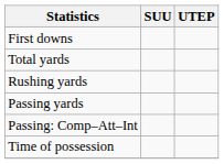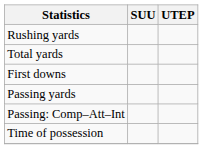 <table class="wikitable" style="float: left;">
 <tr>
 <th>Statistics</th>
 <th>SUU</th>
 <th>UTEP</th>
 </tr>
 <tr>
-<td>First downs</td>
+<td>Rushing yards</td>
 <td></td>
 <td></td>
 </tr>
 <tr>
 <td>Total yards</td>
 <td></td>
 <td></td>
 </tr>
 <tr>
-<td>Rushing yards</td>
+<td>First downs</td>
 <td></td>
 <td></td>
 </tr>
 <tr>
 <td>Passing yards</td>
 <td></td>
 <td></td>
 </tr>
 <tr>
 <td>Passing: Comp–Att–Int</td>
 <td></td>
 <td></td>
 </tr>
 <tr>
 <td>Time of possession</td>
 <td></td>
 <td></td>
 </tr>
 <tr>
 </tr>
 </table>
